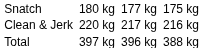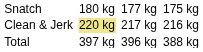 <table>
 <tr>
 <td>Snatch</td>
 <td></td>
 <td>180 kg</td>
 <td></td>
 <td>177 kg</td>
 <td></td>
 <td>175 kg</td>
 </tr>
 <tr>
 <td>Clean & Jerk</td>
 <td></td>
-<td>220 kg</td>
+<td style="background: khaki;">220 kg</td>
 <td></td>
 <td>217 kg</td>
 <td></td>
 <td>216 kg</td>
 </tr>
 <tr>
 <td>Total</td>
 <td></td>
 <td>397 kg</td>
 <td></td>
 <td>396 kg</td>
 <td></td>
 <td>388 kg</td>
 </tr>
 </table>
